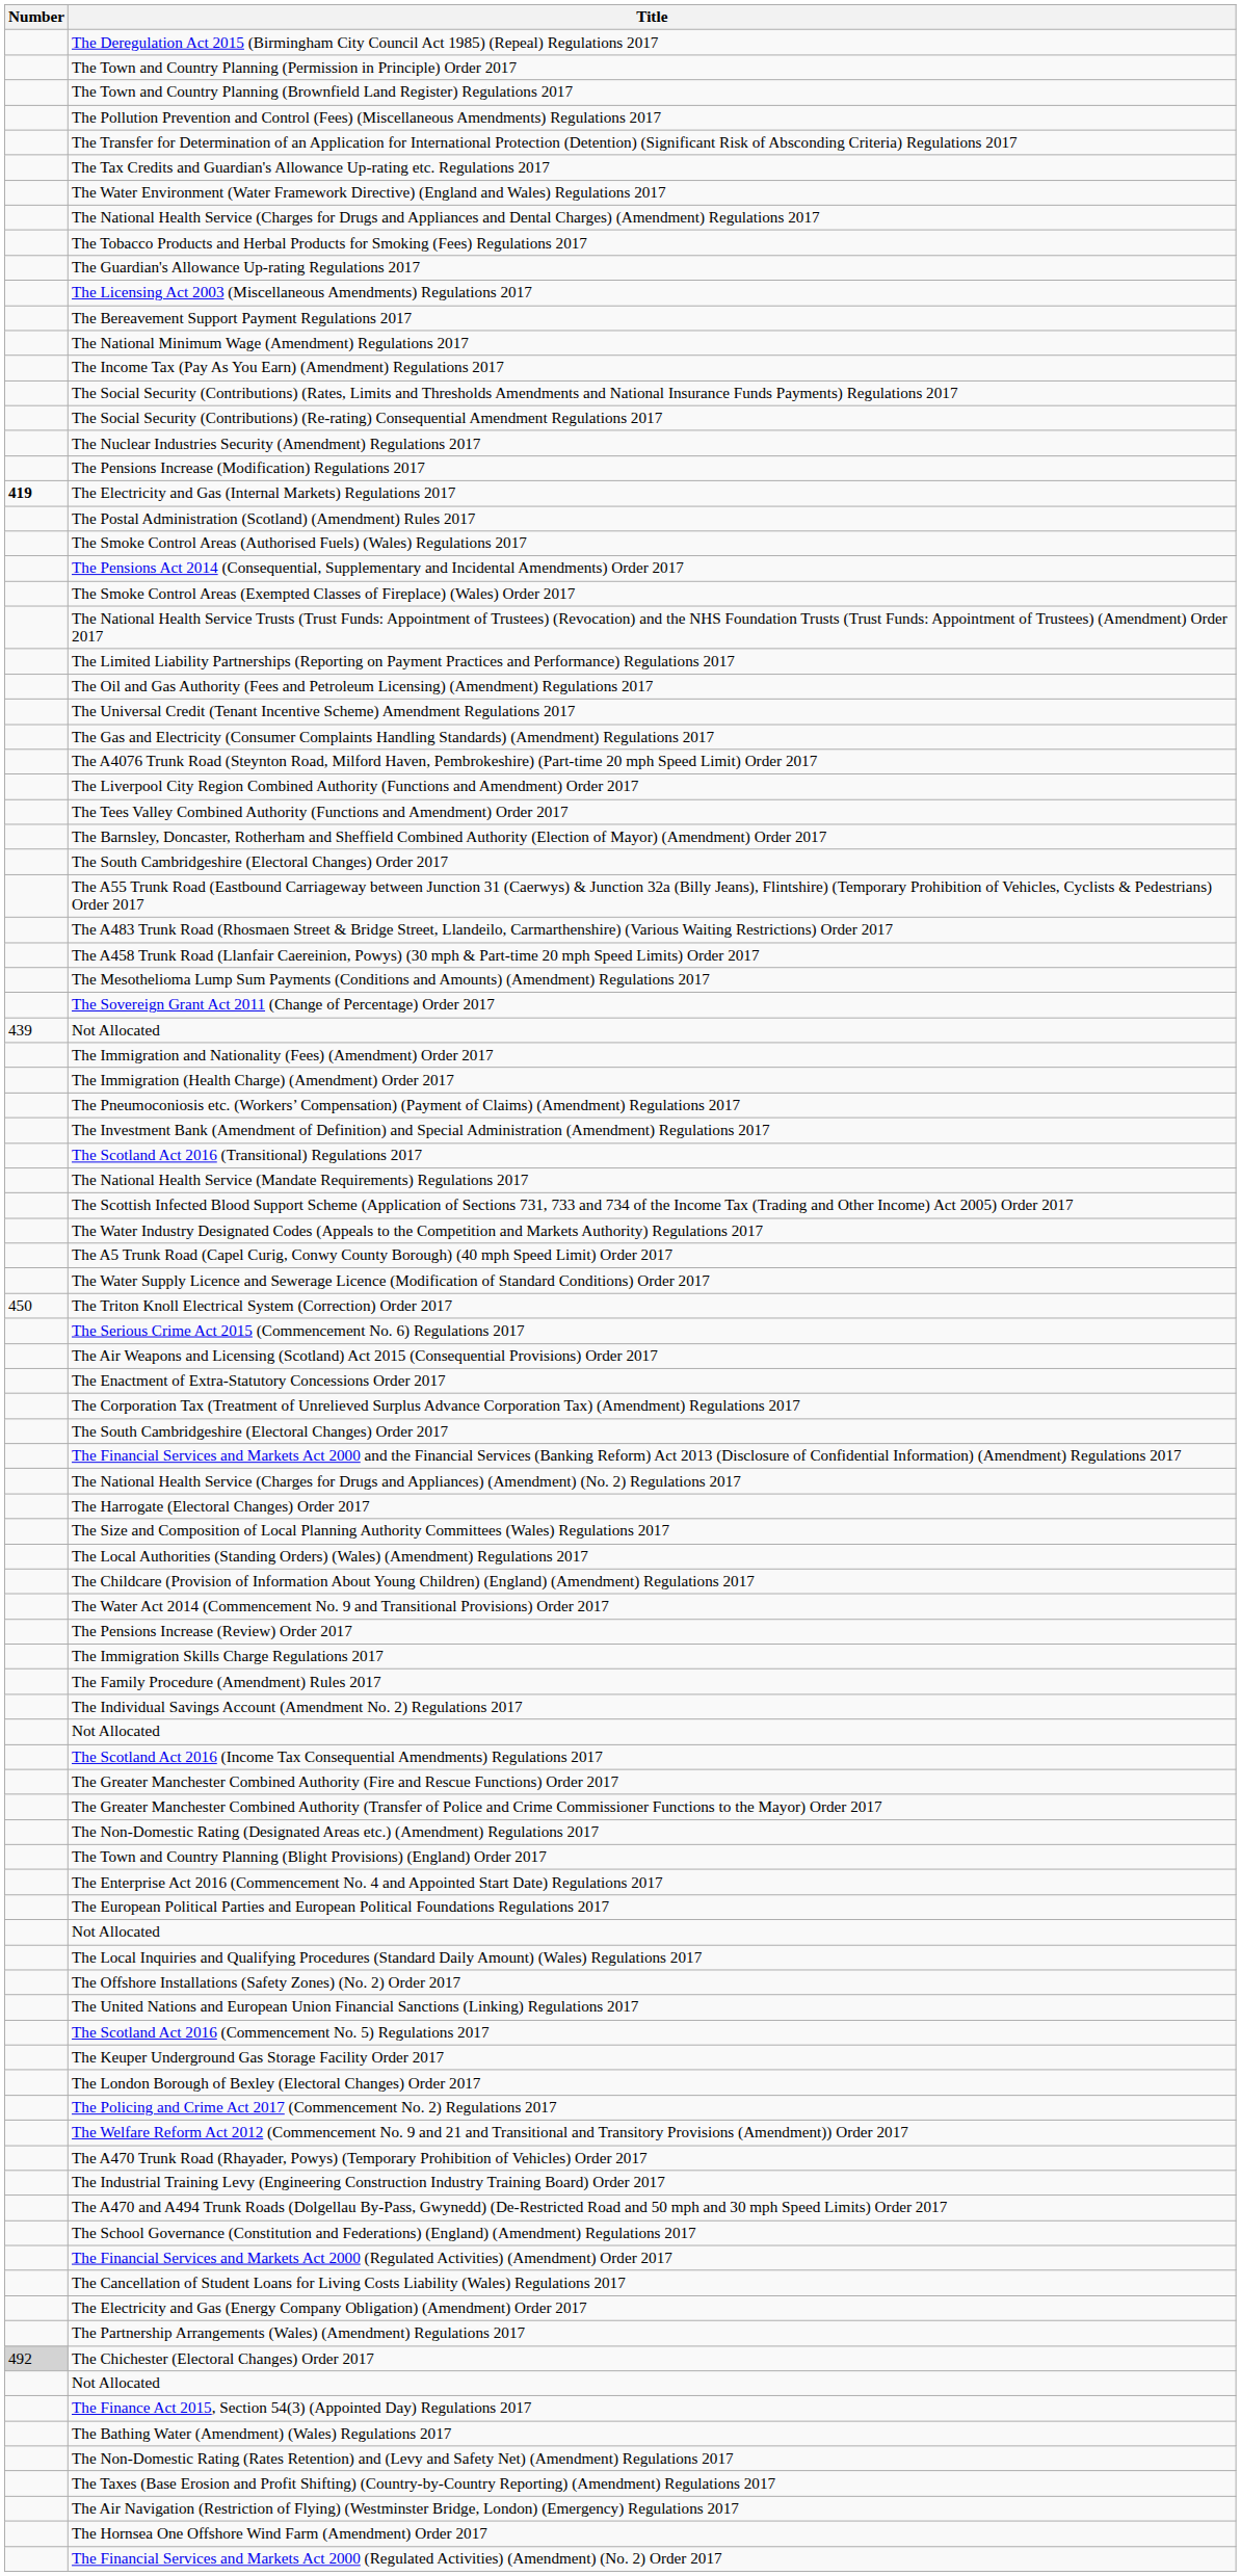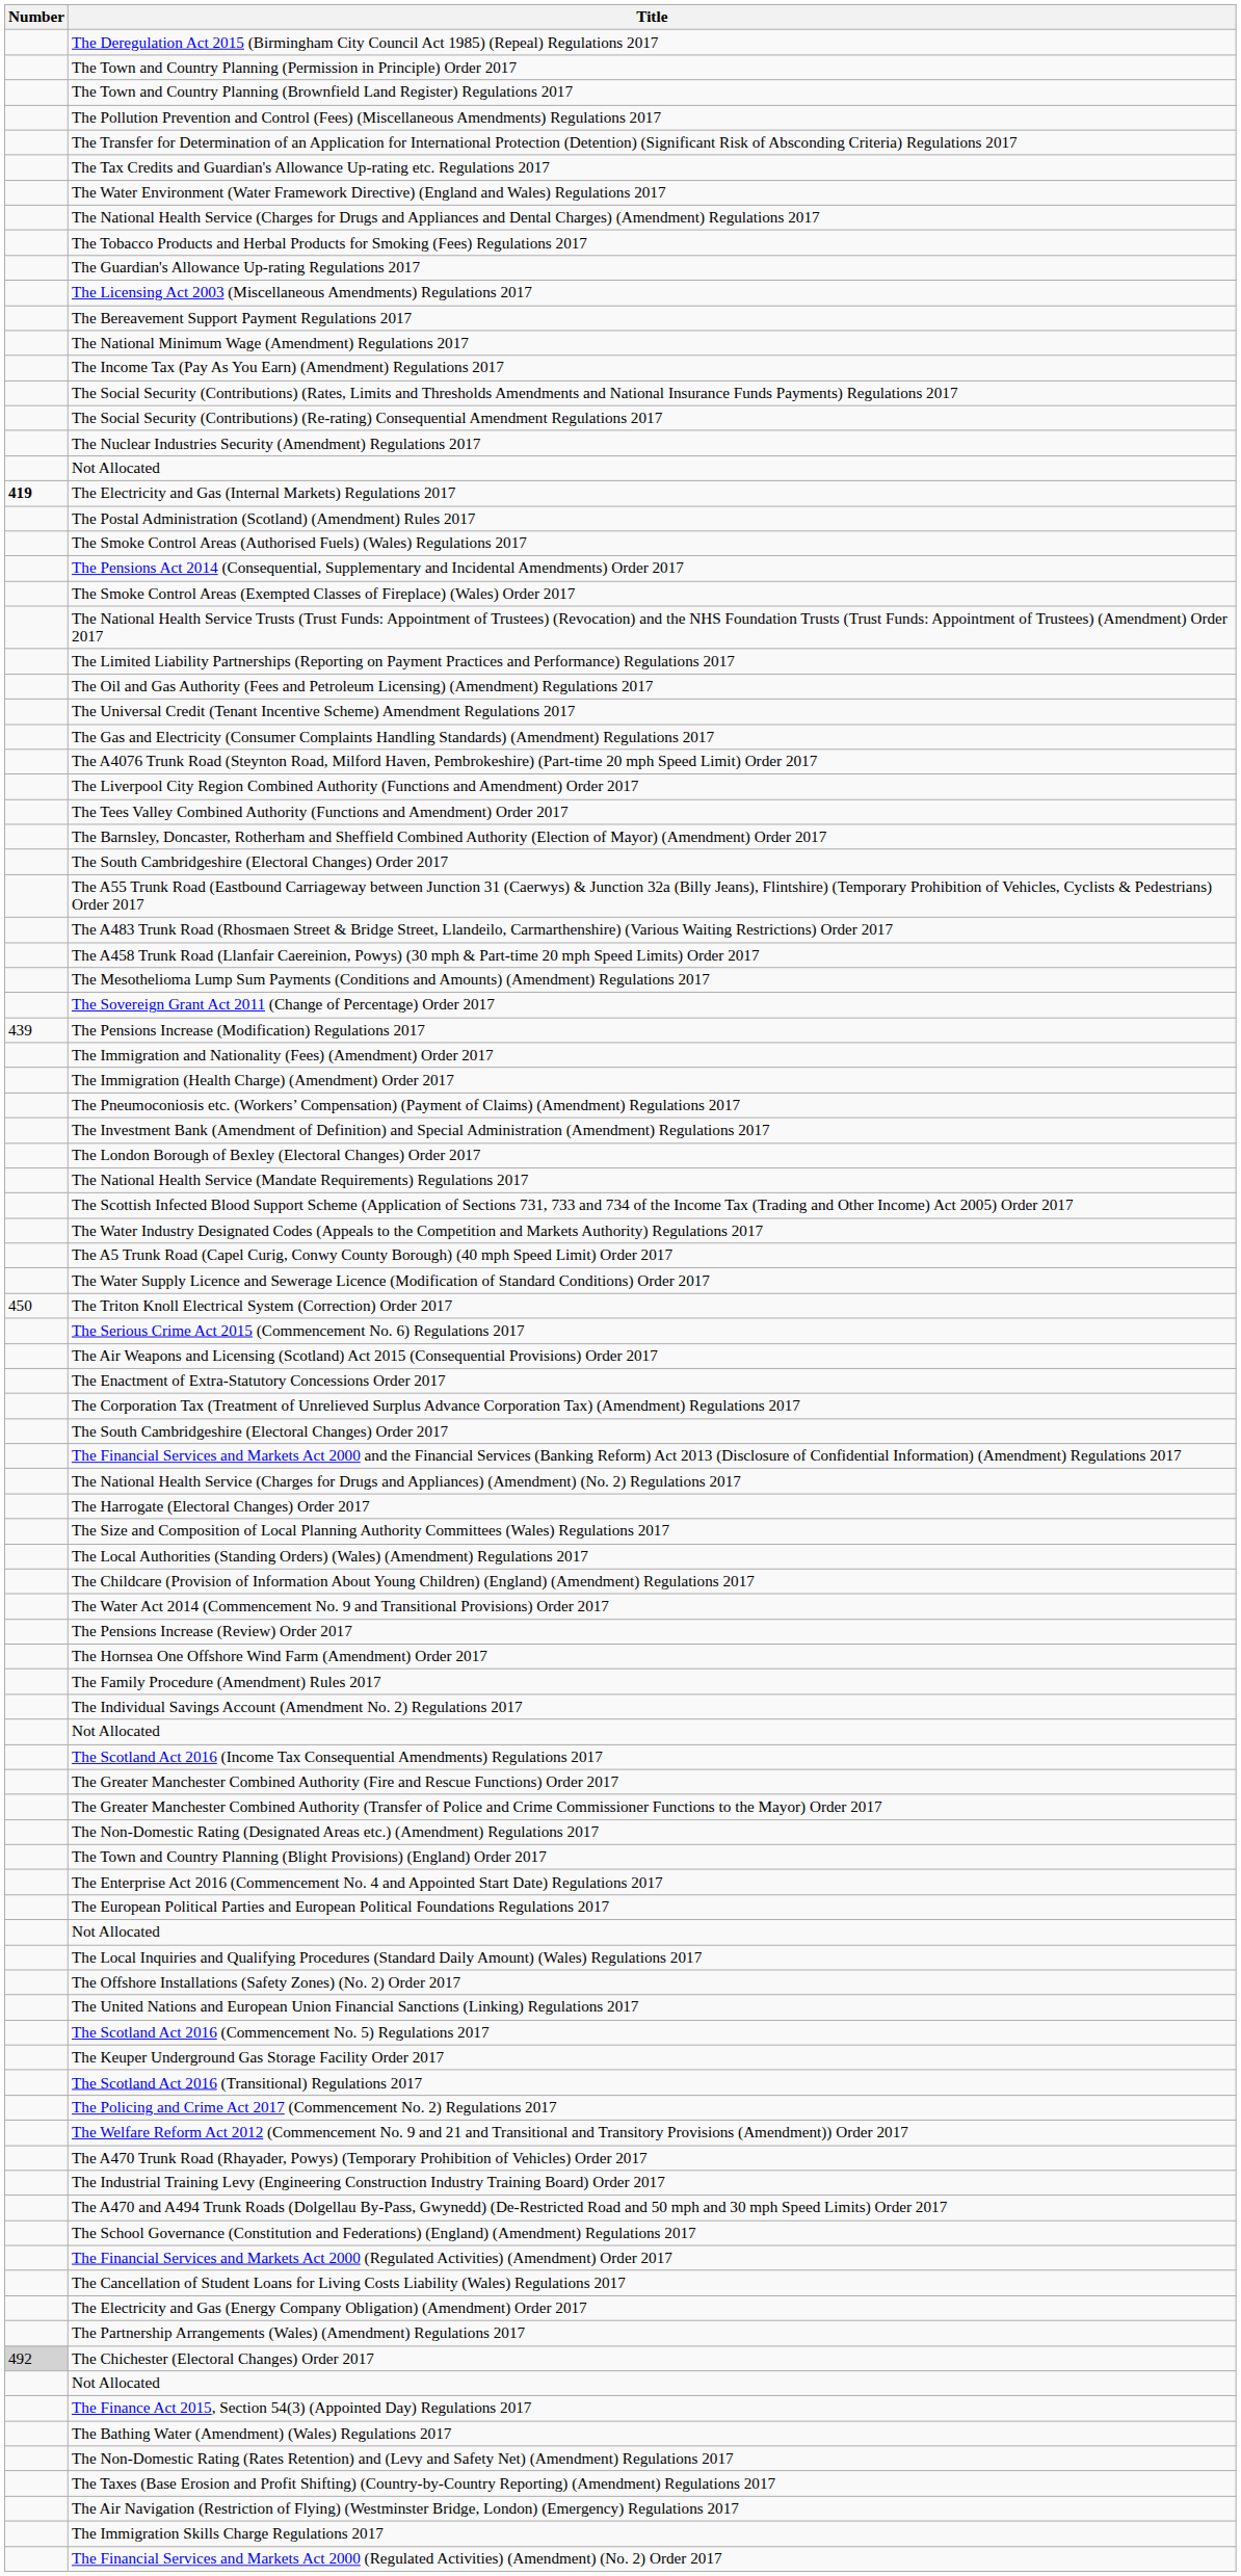 <table class="wikitable collapsible">
 <tr>
 <th>Number</th>
 <th>Title</th>
 </tr>
 <tr>
 <td></td>
 <td><a href='#'>The Deregulation Act 2015</a> (Birmingham City Council Act 1985) (Repeal) Regulations 2017</td>
 </tr>
 <tr>
 <td></td>
 <td>The Town and Country Planning (Permission in Principle) Order 2017</td>
 </tr>
 <tr>
 <td></td>
 <td>The Town and Country Planning (Brownfield Land Register) Regulations 2017</td>
 </tr>
 <tr>
 <td></td>
 <td>The Pollution Prevention and Control (Fees) (Miscellaneous Amendments) Regulations 2017</td>
 </tr>
 <tr>
 <td></td>
 <td>The Transfer for Determination of an Application for International Protection (Detention) (Significant Risk of Absconding Criteria) Regulations 2017</td>
 </tr>
 <tr>
 <td></td>
 <td>The Tax Credits and Guardian's Allowance Up-rating etc. Regulations 2017</td>
 </tr>
 <tr>
 <td></td>
 <td>The Water Environment (Water Framework Directive) (England and Wales) Regulations 2017</td>
 </tr>
 <tr>
 <td></td>
 <td>The National Health Service (Charges for Drugs and Appliances and Dental Charges) (Amendment) Regulations 2017</td>
 </tr>
 <tr>
 <td></td>
 <td>The Tobacco Products and Herbal Products for Smoking (Fees) Regulations 2017</td>
 </tr>
 <tr>
 <td></td>
 <td>The Guardian's Allowance Up-rating Regulations 2017</td>
 </tr>
 <tr>
 <td></td>
 <td><a href='#'>The Licensing Act 2003</a> (Miscellaneous Amendments) Regulations 2017</td>
 </tr>
 <tr>
 <td></td>
 <td>The Bereavement Support Payment Regulations 2017</td>
 </tr>
 <tr>
 <td></td>
 <td>The National Minimum Wage (Amendment) Regulations 2017</td>
 </tr>
 <tr>
 <td></td>
 <td>The Income Tax (Pay As You Earn) (Amendment) Regulations 2017</td>
 </tr>
 <tr>
 <td></td>
 <td>The Social Security (Contributions) (Rates, Limits and Thresholds Amendments and National Insurance Funds Payments) Regulations 2017</td>
 </tr>
 <tr>
 <td></td>
 <td>The Social Security (Contributions) (Re-rating) Consequential Amendment Regulations 2017</td>
 </tr>
 <tr>
 <td></td>
 <td>The Nuclear Industries Security (Amendment) Regulations 2017</td>
 </tr>
 <tr>
 <td></td>
-<td>The Pensions Increase (Modification) Regulations 2017</td>
+<td>Not Allocated</td>
 </tr>
 <tr>
 <td><strong>419</strong></td>
 <td>The Electricity and Gas (Internal Markets) Regulations 2017</td>
 </tr>
 <tr>
 <td></td>
 <td>The Postal Administration (Scotland) (Amendment) Rules 2017</td>
 </tr>
 <tr>
 <td></td>
 <td>The Smoke Control Areas (Authorised Fuels) (Wales) Regulations 2017</td>
 </tr>
 <tr>
 <td></td>
 <td><a href='#'>The Pensions Act 2014</a> (Consequential, Supplementary and Incidental Amendments) Order 2017</td>
 </tr>
 <tr>
 <td></td>
 <td>The Smoke Control Areas (Exempted Classes of Fireplace) (Wales) Order 2017</td>
 </tr>
 <tr>
 <td></td>
 <td>The National Health Service Trusts (Trust Funds: Appointment of Trustees) (Revocation) and the NHS Foundation Trusts (Trust Funds: Appointment of Trustees) (Amendment) Order 2017</td>
 </tr>
 <tr>
 <td></td>
 <td>The Limited Liability Partnerships (Reporting on Payment Practices and Performance) Regulations 2017</td>
 </tr>
 <tr>
 <td></td>
 <td>The Oil and Gas Authority (Fees and Petroleum Licensing) (Amendment) Regulations 2017</td>
 </tr>
 <tr>
 <td></td>
 <td>The Universal Credit (Tenant Incentive Scheme) Amendment Regulations 2017</td>
 </tr>
 <tr>
 <td></td>
 <td>The Gas and Electricity (Consumer Complaints Handling Standards) (Amendment) Regulations 2017</td>
 </tr>
 <tr>
 <td></td>
 <td>The A4076 Trunk Road (Steynton Road, Milford Haven, Pembrokeshire) (Part-time 20 mph Speed Limit) Order 2017</td>
 </tr>
 <tr>
 <td></td>
 <td>The Liverpool City Region Combined Authority (Functions and Amendment) Order 2017</td>
 </tr>
 <tr>
 <td></td>
 <td>The Tees Valley Combined Authority (Functions and Amendment) Order 2017</td>
 </tr>
 <tr>
 <td></td>
 <td>The Barnsley, Doncaster, Rotherham and Sheffield Combined Authority (Election of Mayor) (Amendment) Order 2017</td>
 </tr>
 <tr>
 <td></td>
 <td>The South Cambridgeshire (Electoral Changes) Order 2017</td>
 </tr>
 <tr>
 <td></td>
 <td>The A55 Trunk Road (Eastbound Carriageway between Junction 31 (Caerwys) & Junction 32a (Billy Jeans), Flintshire) (Temporary Prohibition of Vehicles, Cyclists & Pedestrians) Order 2017</td>
 </tr>
 <tr>
 <td></td>
 <td>The A483 Trunk Road (Rhosmaen Street & Bridge Street, Llandeilo, Carmarthenshire) (Various Waiting Restrictions) Order 2017</td>
 </tr>
 <tr>
 <td></td>
 <td>The A458 Trunk Road (Llanfair Caereinion, Powys) (30 mph & Part-time 20 mph Speed Limits) Order 2017</td>
 </tr>
 <tr>
 <td></td>
 <td>The Mesothelioma Lump Sum Payments (Conditions and Amounts) (Amendment) Regulations 2017</td>
 </tr>
 <tr>
 <td></td>
 <td><a href='#'>The Sovereign Grant Act 2011</a> (Change of Percentage) Order 2017</td>
 </tr>
 <tr>
 <td>439</td>
-<td>Not Allocated</td>
+<td>The Pensions Increase (Modification) Regulations 2017</td>
 </tr>
 <tr>
 <td></td>
 <td>The Immigration and Nationality (Fees) (Amendment) Order 2017</td>
 </tr>
 <tr>
 <td></td>
 <td>The Immigration (Health Charge) (Amendment) Order 2017</td>
 </tr>
 <tr>
 <td></td>
 <td>The Pneumoconiosis etc. (Workers’ Compensation) (Payment of Claims) (Amendment) Regulations 2017</td>
 </tr>
 <tr>
 <td></td>
 <td>The Investment Bank (Amendment of Definition) and Special Administration (Amendment) Regulations 2017</td>
 </tr>
 <tr>
 <td></td>
-<td><a href='#'>The Scotland Act 2016</a> (Transitional) Regulations 2017</td>
+<td>The London Borough of Bexley (Electoral Changes) Order 2017</td>
 </tr>
 <tr>
 <td></td>
 <td>The National Health Service (Mandate Requirements) Regulations 2017</td>
 </tr>
 <tr>
 <td></td>
 <td>The Scottish Infected Blood Support Scheme (Application of Sections 731, 733 and 734 of the Income Tax (Trading and Other Income) Act 2005) Order 2017</td>
 </tr>
 <tr>
 <td></td>
 <td>The Water Industry Designated Codes (Appeals to the Competition and Markets Authority) Regulations 2017</td>
 </tr>
 <tr>
 <td></td>
 <td>The A5 Trunk Road (Capel Curig, Conwy County Borough) (40 mph Speed Limit) Order 2017</td>
 </tr>
 <tr>
 <td></td>
 <td>The Water Supply Licence and Sewerage Licence (Modification of Standard Conditions) Order 2017</td>
 </tr>
 <tr>
 <td>450</td>
 <td>The Triton Knoll Electrical System (Correction) Order 2017</td>
 </tr>
 <tr>
 <td></td>
 <td><a href='#'>The Serious Crime Act 2015</a> (Commencement No. 6) Regulations 2017</td>
 </tr>
 <tr>
 <td></td>
 <td>The Air Weapons and Licensing (Scotland) Act 2015 (Consequential Provisions) Order 2017</td>
 </tr>
 <tr>
 <td></td>
 <td>The Enactment of Extra-Statutory Concessions Order 2017</td>
 </tr>
 <tr>
 <td></td>
 <td>The Corporation Tax (Treatment of Unrelieved Surplus Advance Corporation Tax) (Amendment) Regulations 2017</td>
 </tr>
 <tr>
 <td></td>
 <td>The South Cambridgeshire (Electoral Changes) Order 2017</td>
 </tr>
 <tr>
 <td></td>
 <td><a href='#'>The Financial Services and Markets Act 2000</a> and the Financial Services (Banking Reform) Act 2013 (Disclosure of Confidential Information) (Amendment) Regulations 2017</td>
 </tr>
 <tr>
 <td></td>
 <td>The National Health Service (Charges for Drugs and Appliances) (Amendment) (No. 2) Regulations 2017</td>
 </tr>
 <tr>
 <td></td>
 <td>The Harrogate (Electoral Changes) Order 2017</td>
 </tr>
 <tr>
 <td></td>
 <td>The Size and Composition of Local Planning Authority Committees (Wales) Regulations 2017</td>
 </tr>
 <tr>
 <td></td>
 <td>The Local Authorities (Standing Orders) (Wales) (Amendment) Regulations 2017</td>
 </tr>
 <tr>
 <td></td>
 <td>The Childcare (Provision of Information About Young Children) (England) (Amendment) Regulations 2017</td>
 </tr>
 <tr>
 <td></td>
 <td>The Water Act 2014 (Commencement No. 9 and Transitional Provisions) Order 2017</td>
 </tr>
 <tr>
 <td></td>
 <td>The Pensions Increase (Review) Order 2017</td>
 </tr>
 <tr>
 <td></td>
-<td>The Immigration Skills Charge Regulations 2017</td>
+<td>The Hornsea One Offshore Wind Farm (Amendment) Order 2017</td>
 </tr>
 <tr>
 <td></td>
 <td>The Family Procedure (Amendment) Rules 2017</td>
 </tr>
 <tr>
 <td></td>
 <td>The Individual Savings Account (Amendment No. 2) Regulations 2017</td>
 </tr>
 <tr>
 <td></td>
 <td>Not Allocated</td>
 </tr>
 <tr>
 <td></td>
 <td><a href='#'>The Scotland Act 2016</a> (Income Tax Consequential Amendments) Regulations 2017</td>
 </tr>
 <tr>
 <td></td>
 <td>The Greater Manchester Combined Authority (Fire and Rescue Functions) Order 2017</td>
 </tr>
 <tr>
 <td></td>
 <td>The Greater Manchester Combined Authority (Transfer of Police and Crime Commissioner Functions to the Mayor) Order 2017</td>
 </tr>
 <tr>
 <td></td>
 <td>The Non-Domestic Rating (Designated Areas etc.) (Amendment) Regulations 2017</td>
 </tr>
 <tr>
 <td></td>
 <td>The Town and Country Planning (Blight Provisions) (England) Order 2017</td>
 </tr>
 <tr>
 <td></td>
 <td>The Enterprise Act 2016 (Commencement No. 4 and Appointed Start Date) Regulations 2017</td>
 </tr>
 <tr>
 <td></td>
 <td>The European Political Parties and European Political Foundations Regulations 2017</td>
 </tr>
 <tr>
 <td></td>
 <td>Not Allocated</td>
 </tr>
 <tr>
 <td></td>
 <td>The Local Inquiries and Qualifying Procedures (Standard Daily Amount) (Wales) Regulations 2017</td>
 </tr>
 <tr>
 <td></td>
 <td>The Offshore Installations (Safety Zones) (No. 2) Order 2017</td>
 </tr>
 <tr>
 <td></td>
 <td>The United Nations and European Union Financial Sanctions (Linking) Regulations 2017</td>
 </tr>
 <tr>
 <td></td>
 <td><a href='#'>The Scotland Act 2016</a> (Commencement No. 5) Regulations 2017</td>
 </tr>
 <tr>
 <td></td>
 <td>The Keuper Underground Gas Storage Facility Order 2017</td>
 </tr>
 <tr>
 <td></td>
-<td>The London Borough of Bexley (Electoral Changes) Order 2017</td>
+<td><a href='#'>The Scotland Act 2016</a> (Transitional) Regulations 2017</td>
 </tr>
 <tr>
 <td></td>
 <td><a href='#'>The Policing and Crime Act 2017</a> (Commencement No. 2) Regulations 2017</td>
 </tr>
 <tr>
 <td></td>
 <td><a href='#'>The Welfare Reform Act 2012</a> (Commencement No. 9 and 21 and Transitional and Transitory Provisions (Amendment)) Order 2017</td>
 </tr>
 <tr>
 <td></td>
 <td>The A470 Trunk Road (Rhayader, Powys) (Temporary Prohibition of Vehicles) Order 2017</td>
 </tr>
 <tr>
 <td></td>
 <td>The Industrial Training Levy (Engineering Construction Industry Training Board) Order 2017</td>
 </tr>
 <tr>
 <td></td>
 <td>The A470 and A494 Trunk Roads (Dolgellau By-Pass, Gwynedd) (De-Restricted Road and 50 mph and 30 mph Speed Limits) Order 2017</td>
 </tr>
 <tr>
 <td></td>
 <td>The School Governance (Constitution and Federations) (England) (Amendment) Regulations 2017</td>
 </tr>
 <tr>
 <td></td>
 <td><a href='#'>The Financial Services and Markets Act 2000</a> (Regulated Activities) (Amendment) Order 2017</td>
 </tr>
 <tr>
 <td></td>
 <td>The Cancellation of Student Loans for Living Costs Liability (Wales) Regulations 2017</td>
 </tr>
 <tr>
 <td></td>
 <td>The Electricity and Gas (Energy Company Obligation) (Amendment) Order 2017</td>
 </tr>
 <tr>
 <td></td>
 <td>The Partnership Arrangements (Wales) (Amendment) Regulations 2017</td>
 </tr>
 <tr>
 <td style="background: lightgrey;">492</td>
 <td>The Chichester (Electoral Changes) Order 2017</td>
 </tr>
 <tr>
 <td></td>
 <td>Not Allocated</td>
 </tr>
 <tr>
 <td></td>
 <td><a href='#'>The Finance Act 2015</a>, Section 54(3) (Appointed Day) Regulations 2017</td>
 </tr>
 <tr>
 <td></td>
 <td>The Bathing Water (Amendment) (Wales) Regulations 2017</td>
 </tr>
 <tr>
 <td></td>
 <td>The Non-Domestic Rating (Rates Retention) and (Levy and Safety Net) (Amendment) Regulations 2017</td>
 </tr>
 <tr>
 <td></td>
 <td>The Taxes (Base Erosion and Profit Shifting) (Country-by-Country Reporting) (Amendment) Regulations 2017</td>
 </tr>
 <tr>
 <td></td>
 <td>The Air Navigation (Restriction of Flying) (Westminster Bridge, London) (Emergency) Regulations 2017</td>
 </tr>
 <tr>
 <td></td>
-<td>The Hornsea One Offshore Wind Farm (Amendment) Order 2017</td>
+<td>The Immigration Skills Charge Regulations 2017</td>
 </tr>
 <tr>
 <td></td>
 <td><a href='#'>The Financial Services and Markets Act 2000</a> (Regulated Activities) (Amendment) (No. 2) Order 2017</td>
 </tr>
 </table>
